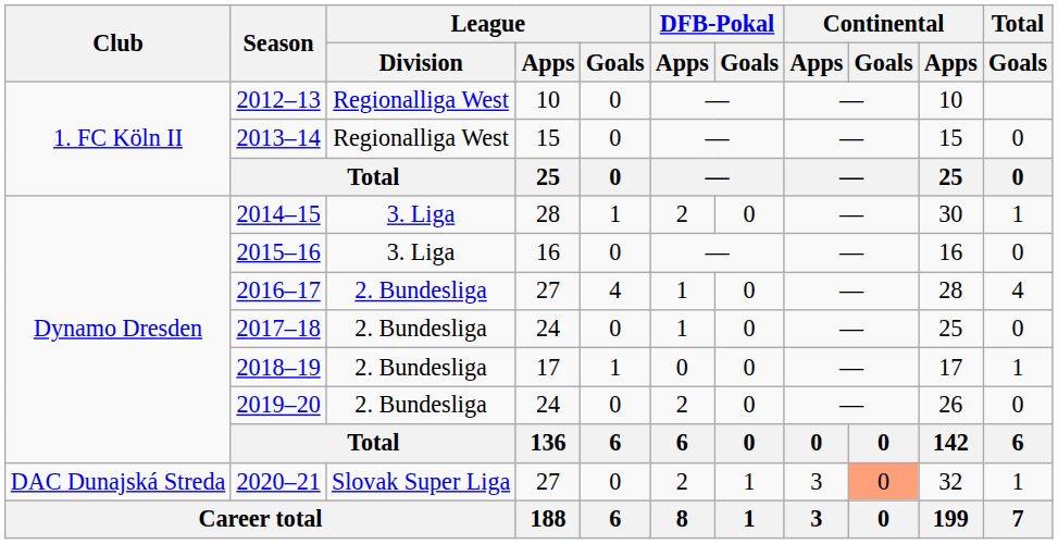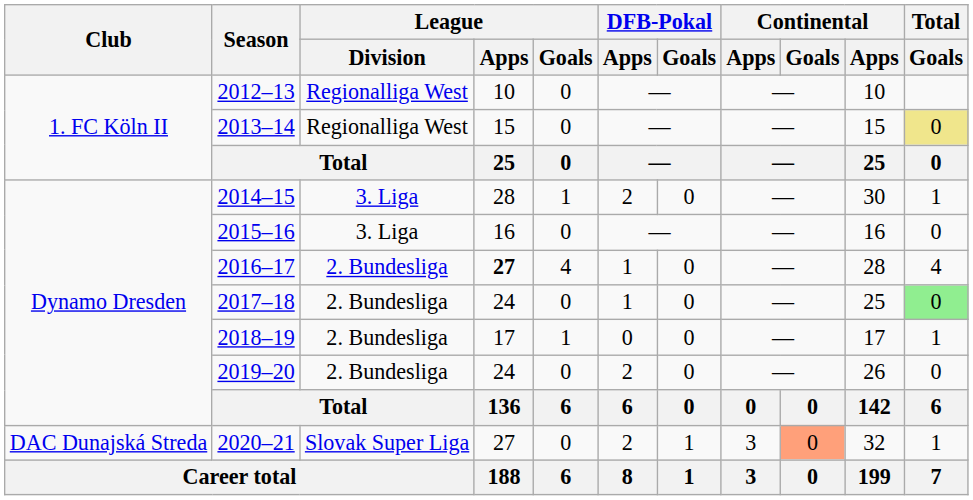 <table class="wikitable" style="text-align: center">
 <tr>
 <th rowspan="2">Club</th>
 <th rowspan="2">Season</th>
 <th colspan="3">League</th>
 <th colspan="2"><a href='#'>DFB-Pokal</a></th>
 <th colspan="3">Continental</th>
 <th colspan="2">Total</th>
 </tr>
 <tr>
 <th>Division</th>
 <th>Apps</th>
 <th>Goals</th>
 <th>Apps</th>
 <th>Goals</th>
 <th>Apps</th>
 <th>Goals</th>
 <th>Apps</th>
 <th>Goals</th>
 </tr>
 <tr>
 <td rowspan="3"><a href='#'>1. FC Köln II</a></td>
 <td><a href='#'>2012–13</a></td>
 <td><a href='#'>Regionalliga West</a></td>
 <td>10</td>
 <td>0</td>
 <td colspan="2">—</td>
 <td colspan="2">—</td>
 <td>10</td>
 <td 0></td>
 </tr>
 <tr>
 <td><a href='#'>2013–14</a></td>
 <td>Regionalliga West</td>
 <td>15</td>
 <td>0</td>
 <td colspan="2">—</td>
 <td colspan="2">—</td>
 <td>15</td>
-<td>0</td>
+<td style="background: khaki;">0</td>
 </tr>
 <tr>
 <th colspan="2">Total</th>
 <th>25</th>
 <th>0</th>
 <th colspan="2">—</th>
 <th colspan="2">—</th>
 <th>25</th>
 <th>0</th>
 </tr>
 <tr>
 <td rowspan="7"><a href='#'>Dynamo Dresden</a></td>
 <td><a href='#'>2014–15</a></td>
 <td><a href='#'>3. Liga</a></td>
 <td>28</td>
 <td>1</td>
 <td>2</td>
 <td>0</td>
 <td colspan="2">—</td>
 <td>30</td>
 <td>1</td>
 </tr>
 <tr>
 <td><a href='#'>2015–16</a></td>
 <td>3. Liga</td>
 <td>16</td>
 <td>0</td>
 <td colspan="2">—</td>
 <td colspan="2">—</td>
 <td>16</td>
 <td>0</td>
 </tr>
 <tr>
 <td><a href='#'>2016–17</a></td>
 <td><a href='#'>2. Bundesliga</a></td>
-<td>27</td>
+<td><strong>27</strong></td>
 <td>4</td>
 <td>1</td>
 <td>0</td>
 <td colspan="2">—</td>
 <td>28</td>
 <td>4</td>
 </tr>
 <tr>
 <td><a href='#'>2017–18</a></td>
 <td>2. Bundesliga</td>
 <td>24</td>
 <td>0</td>
 <td>1</td>
 <td>0</td>
 <td colspan="2">—</td>
 <td>25</td>
-<td>0</td>
+<td style="background: lightgreen;">0</td>
 </tr>
 <tr>
 <td><a href='#'>2018–19</a></td>
 <td>2. Bundesliga</td>
 <td>17</td>
 <td>1</td>
 <td>0</td>
 <td>0</td>
 <td colspan="2">—</td>
 <td>17</td>
 <td>1</td>
 </tr>
 <tr>
 <td><a href='#'>2019–20</a></td>
 <td>2. Bundesliga</td>
 <td>24</td>
 <td>0</td>
 <td>2</td>
 <td>0</td>
 <td colspan="2">—</td>
 <td>26</td>
 <td>0</td>
 </tr>
 <tr>
 <th colspan="2">Total</th>
 <th>136</th>
 <th>6</th>
 <th>6</th>
 <th>0</th>
 <th>0</th>
 <th>0</th>
 <th>142</th>
 <th>6</th>
 </tr>
 <tr>
 <td><a href='#'>DAC Dunajská Streda</a></td>
 <td><a href='#'>2020–21</a></td>
 <td><a href='#'>Slovak Super Liga</a></td>
 <td>27</td>
 <td>0</td>
 <td>2</td>
 <td>1</td>
 <td>3</td>
 <td style="background: lightsalmon;">0</td>
 <td>32</td>
 <td>1</td>
 </tr>
 <tr>
 <th colspan="3">Career total</th>
 <th>188</th>
 <th>6</th>
 <th>8</th>
 <th>1</th>
 <th>3</th>
 <th>0</th>
 <th>199</th>
 <th>7</th>
 </tr>
 </table>
